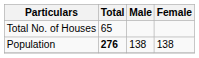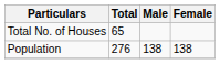 <table class="wikitable sortable">
 <tr>
 <th>Particulars</th>
 <th>Total</th>
 <th>Male</th>
 <th>Female</th>
 </tr>
 <tr>
 <td>Total No. of Houses</td>
 <td>65</td>
 <td></td>
 <td></td>
 </tr>
 <tr>
 <td>Population</td>
-<td><strong>276</strong></td>
+<td>276</td>
 <td>138</td>
 <td>138</td>
 </tr>
 <tr>
 </tr>
 </table>
